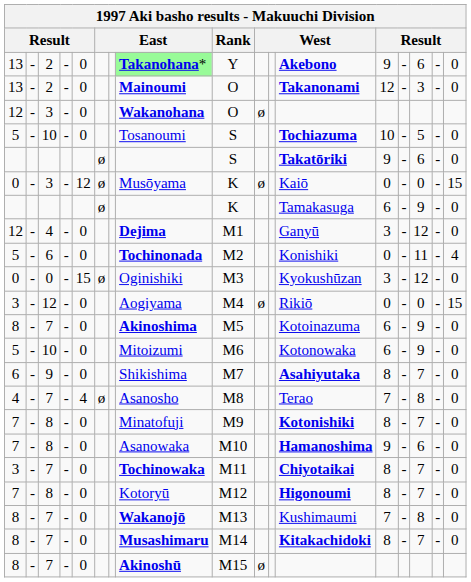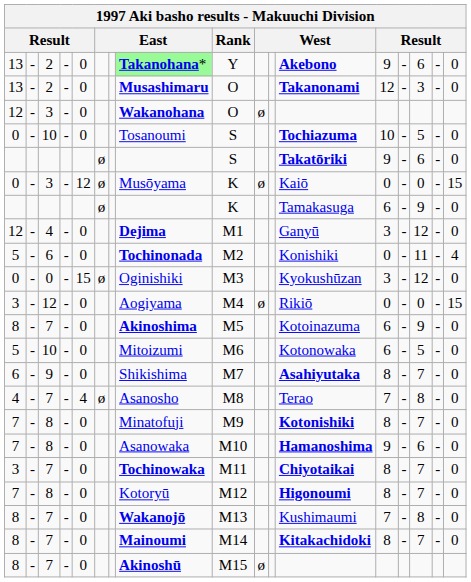 <table class="wikitable">
 <tr>
 <th colspan="17">1997 Aki basho results - Makuuchi Division</th>
 </tr>
 <tr>
 <th colspan="5">Result</th>
 <th colspan="3">East</th>
 <th>Rank</th>
 <th colspan="3">West</th>
 <th colspan="5">Result</th>
 </tr>
 <tr>
 <td align=center>13</td>
 <td align=center>-</td>
 <td align=center>2</td>
 <td align=center>-</td>
 <td align=center>0</td>
 <td align=center></td>
 <td align=center></td>
 <td style="background: PaleGreen;"><strong><a href='#'>Takanohana</a></strong>*</td>
 <td align=center>Y</td>
 <td align=center></td>
 <td align=center></td>
 <td><strong><a href='#'>Akebono</a></strong></td>
 <td align=center>9</td>
 <td align=center>-</td>
 <td align=center>6</td>
 <td align=center>-</td>
 <td align=center>0</td>
 </tr>
 <tr>
 <td align=center>13</td>
 <td align=center>-</td>
 <td align=center>2</td>
 <td align=center>-</td>
 <td align=center>0</td>
 <td align=center></td>
 <td align=center></td>
-<td><strong><a href='#'>Mainoumi</a></strong></td>
+<td><strong><a href='#'>Musashimaru</a></strong></td>
 <td align=center>O</td>
 <td align=center></td>
 <td align=center></td>
 <td><strong><a href='#'>Takanonami</a></strong></td>
 <td align=center>12</td>
 <td align=center>-</td>
 <td align=center>3</td>
 <td align=center>-</td>
 <td align=center>0</td>
 </tr>
 <tr>
 <td align=center>12</td>
 <td align=center>-</td>
 <td align=center>3</td>
 <td align=center>-</td>
 <td align=center>0</td>
 <td align=center></td>
 <td align=center></td>
 <td><strong><a href='#'>Wakanohana</a></strong></td>
 <td align=center>O</td>
 <td align=center>ø</td>
 <td align=center></td>
 <td></td>
 <td align=center></td>
 <td align=center></td>
 <td align=center></td>
 <td align=center></td>
 <td align=center></td>
 </tr>
 <tr>
-<td align=center>5</td>
+<td align=center>0</td>
 <td align=center>-</td>
 <td align=center>10</td>
 <td align=center>-</td>
 <td align=center>0</td>
 <td align=center></td>
 <td align=center></td>
 <td><a href='#'>Tosanoumi</a></td>
 <td align=center>S</td>
 <td align=center></td>
 <td align=center></td>
 <td><strong><a href='#'>Tochiazuma</a></strong></td>
 <td align=center>10</td>
 <td align=center>-</td>
 <td align=center>5</td>
 <td align=center>-</td>
 <td align=center>0</td>
 </tr>
 <tr>
 <td align=center></td>
 <td align=center></td>
 <td align=center></td>
 <td align=center></td>
 <td align=center></td>
 <td align=center>ø</td>
 <td align=center></td>
 <td></td>
 <td align=center>S</td>
 <td align=center></td>
 <td align=center></td>
 <td><strong><a href='#'>Takatōriki</a></strong></td>
 <td align=center>9</td>
 <td align=center>-</td>
 <td align=center>6</td>
 <td align=center>-</td>
 <td align=center>0</td>
 </tr>
 <tr>
 <td align=center>0</td>
 <td align=center>-</td>
 <td align=center>3</td>
 <td align=center>-</td>
 <td align=center>12</td>
 <td align=center>ø</td>
 <td align=center></td>
 <td><a href='#'>Musōyama</a></td>
 <td align=center>K</td>
 <td align=center>ø</td>
 <td align=center></td>
 <td><a href='#'>Kaiō</a></td>
 <td align=center>0</td>
 <td align=center>-</td>
 <td align=center>0</td>
 <td align=center>-</td>
 <td align=center>15</td>
 </tr>
 <tr>
 <td align=center></td>
 <td align=center></td>
 <td align=center></td>
 <td align=center></td>
 <td align=center></td>
 <td align=center>ø</td>
 <td align=center></td>
 <td></td>
 <td align=center>K</td>
 <td align=center></td>
 <td align=center></td>
 <td><a href='#'>Tamakasuga</a></td>
 <td align=center>6</td>
 <td align=center>-</td>
 <td align=center>9</td>
 <td align=center>-</td>
 <td align=center>0</td>
 </tr>
 <tr>
 <td align=center>12</td>
 <td align=center>-</td>
 <td align=center>4</td>
 <td align=center>-</td>
 <td align=center>0</td>
 <td align=center></td>
 <td align=center></td>
 <td><strong><a href='#'>Dejima</a></strong></td>
 <td align=center>M1</td>
 <td align=center></td>
 <td align=center></td>
 <td><a href='#'>Ganyū</a></td>
 <td align=center>3</td>
 <td align=center>-</td>
 <td align=center>12</td>
 <td align=center>-</td>
 <td align=center>0</td>
 </tr>
 <tr>
 <td align=center>5</td>
 <td align=center>-</td>
 <td align=center>6</td>
 <td align=center>-</td>
 <td align=center>0</td>
 <td align=center></td>
 <td align=center></td>
 <td><strong><a href='#'>Tochinonada</a></strong></td>
 <td align=center>M2</td>
 <td align=center></td>
 <td align=center></td>
 <td><a href='#'>Konishiki</a></td>
 <td align=center>0</td>
 <td align=center>-</td>
 <td align=center>11</td>
 <td align=center>-</td>
 <td align=center>4</td>
 </tr>
 <tr>
 <td align=center>0</td>
 <td align=center>-</td>
 <td align=center>0</td>
 <td align=center>-</td>
 <td align=center>15</td>
 <td align=center>ø</td>
 <td align=center></td>
 <td><a href='#'>Oginishiki</a></td>
 <td align=center>M3</td>
 <td align=center></td>
 <td align=center></td>
 <td><a href='#'>Kyokushūzan</a></td>
 <td align=center>3</td>
 <td align=center>-</td>
 <td align=center>12</td>
 <td align=center>-</td>
 <td align=center>0</td>
 </tr>
 <tr>
 <td align=center>3</td>
 <td align=center>-</td>
 <td align=center>12</td>
 <td align=center>-</td>
 <td align=center>0</td>
 <td align=center></td>
 <td align=center></td>
 <td><a href='#'>Aogiyama</a></td>
 <td align=center>M4</td>
 <td align=center>ø</td>
 <td align=center></td>
 <td><a href='#'>Rikiō</a></td>
 <td align=center>0</td>
 <td align=center>-</td>
 <td align=center>0</td>
 <td align=center>-</td>
 <td align=center>15</td>
 </tr>
 <tr>
 <td align=center>8</td>
 <td align=center>-</td>
 <td align=center>7</td>
 <td align=center>-</td>
 <td align=center>0</td>
 <td align=center></td>
 <td align=center></td>
 <td><strong><a href='#'>Akinoshima</a></strong></td>
 <td align=center>M5</td>
 <td align=center></td>
 <td align=center></td>
 <td><a href='#'>Kotoinazuma</a></td>
 <td align=center>6</td>
 <td align=center>-</td>
 <td align=center>9</td>
 <td align=center>-</td>
 <td align=center>0</td>
 </tr>
 <tr>
 <td align=center>5</td>
 <td align=center>-</td>
 <td align=center>10</td>
 <td align=center>-</td>
 <td align=center>0</td>
 <td align=center></td>
 <td align=center></td>
 <td><a href='#'>Mitoizumi</a></td>
 <td align=center>M6</td>
 <td align=center></td>
 <td align=center></td>
 <td><a href='#'>Kotonowaka</a></td>
 <td align=center>6</td>
 <td align=center>-</td>
-<td align=center>9</td>
+<td align=center>5</td>
 <td align=center>-</td>
 <td align=center>0</td>
 </tr>
 <tr>
 <td align=center>6</td>
 <td align=center>-</td>
 <td align=center>9</td>
 <td align=center>-</td>
 <td align=center>0</td>
 <td align=center></td>
 <td align=center></td>
 <td><a href='#'>Shikishima</a></td>
 <td align=center>M7</td>
 <td align=center></td>
 <td align=center></td>
 <td><strong><a href='#'>Asahiyutaka</a></strong></td>
 <td align=center>8</td>
 <td align=center>-</td>
 <td align=center>7</td>
 <td align=center>-</td>
 <td align=center>0</td>
 </tr>
 <tr>
 <td align=center>4</td>
 <td align=center>-</td>
 <td align=center>7</td>
 <td align=center>-</td>
 <td align=center>4</td>
 <td align=center>ø</td>
 <td align=center></td>
 <td><a href='#'>Asanosho</a></td>
 <td align=center>M8</td>
 <td align=center></td>
 <td align=center></td>
 <td><a href='#'>Terao</a></td>
 <td align=center>7</td>
 <td align=center>-</td>
 <td align=center>8</td>
 <td align=center>-</td>
 <td align=center>0</td>
 </tr>
 <tr>
 <td align=center>7</td>
 <td align=center>-</td>
 <td align=center>8</td>
 <td align=center>-</td>
 <td align=center>0</td>
 <td align=center></td>
 <td align=center></td>
 <td><a href='#'>Minatofuji</a></td>
 <td align=center>M9</td>
 <td align=center></td>
 <td align=center></td>
 <td><strong><a href='#'>Kotonishiki</a></strong></td>
 <td align=center>8</td>
 <td align=center>-</td>
 <td align=center>7</td>
 <td align=center>-</td>
 <td align=center>0</td>
 </tr>
 <tr>
 <td align=center>7</td>
 <td align=center>-</td>
 <td align=center>8</td>
 <td align=center>-</td>
 <td align=center>0</td>
 <td align=center></td>
 <td align=center></td>
 <td><a href='#'>Asanowaka</a></td>
 <td align=center>M10</td>
 <td align=center></td>
 <td align=center></td>
 <td><strong><a href='#'>Hamanoshima</a></strong></td>
 <td align=center>9</td>
 <td align=center>-</td>
 <td align=center>6</td>
 <td align=center>-</td>
 <td align=center>0</td>
 </tr>
 <tr>
 <td align=center>3</td>
 <td align=center>-</td>
 <td align=center>7</td>
 <td align=center>-</td>
 <td align=center>0</td>
 <td align=center></td>
 <td align=center></td>
 <td><strong><a href='#'>Tochinowaka</a></strong></td>
 <td align=center>M11</td>
 <td align=center></td>
 <td align=center></td>
 <td><strong><a href='#'>Chiyotaikai</a></strong></td>
 <td align=center>8</td>
 <td align=center>-</td>
 <td align=center>7</td>
 <td align=center>-</td>
 <td align=center>0</td>
 </tr>
 <tr>
 <td align=center>7</td>
 <td align=center>-</td>
 <td align=center>8</td>
 <td align=center>-</td>
 <td align=center>0</td>
 <td align=center></td>
 <td align=center></td>
 <td><a href='#'>Kotoryū</a></td>
 <td align=center>M12</td>
 <td align=center></td>
 <td align=center></td>
 <td><strong><a href='#'>Higonoumi</a></strong></td>
 <td align=center>8</td>
 <td align=center>-</td>
 <td align=center>7</td>
 <td align=center>-</td>
 <td align=center>0</td>
 </tr>
 <tr>
 <td align=center>8</td>
 <td align=center>-</td>
 <td align=center>7</td>
 <td align=center>-</td>
 <td align=center>0</td>
 <td align=center></td>
 <td align=center></td>
 <td><strong><a href='#'>Wakanojō</a></strong></td>
 <td align=center>M13</td>
 <td align=center></td>
 <td align=center></td>
 <td><a href='#'>Kushimaumi</a></td>
 <td align=center>7</td>
 <td align=center>-</td>
 <td align=center>8</td>
 <td align=center>-</td>
 <td align=center>0</td>
 </tr>
 <tr>
 <td align=center>8</td>
 <td align=center>-</td>
 <td align=center>7</td>
 <td align=center>-</td>
 <td align=center>0</td>
 <td align=center></td>
 <td align=center></td>
-<td><strong><a href='#'>Musashimaru</a></strong></td>
+<td><strong><a href='#'>Mainoumi</a></strong></td>
 <td align=center>M14</td>
 <td align=center></td>
 <td align=center></td>
 <td><strong><a href='#'>Kitakachidoki</a></strong></td>
 <td align=center>8</td>
 <td align=center>-</td>
 <td align=center>7</td>
 <td align=center>-</td>
 <td align=center>0</td>
 </tr>
 <tr>
 <td align=center>8</td>
 <td align=center>-</td>
 <td align=center>7</td>
 <td align=center>-</td>
 <td align=center>0</td>
 <td align=center></td>
 <td align=center></td>
 <td><strong><a href='#'>Akinoshū</a></strong></td>
 <td align=center>M15</td>
 <td align=center>ø</td>
 <td align=center></td>
 <td></td>
 <td align=center></td>
 <td align=center></td>
 <td align=center></td>
 <td align=center></td>
 <td align=center></td>
 </tr>
 </table>
